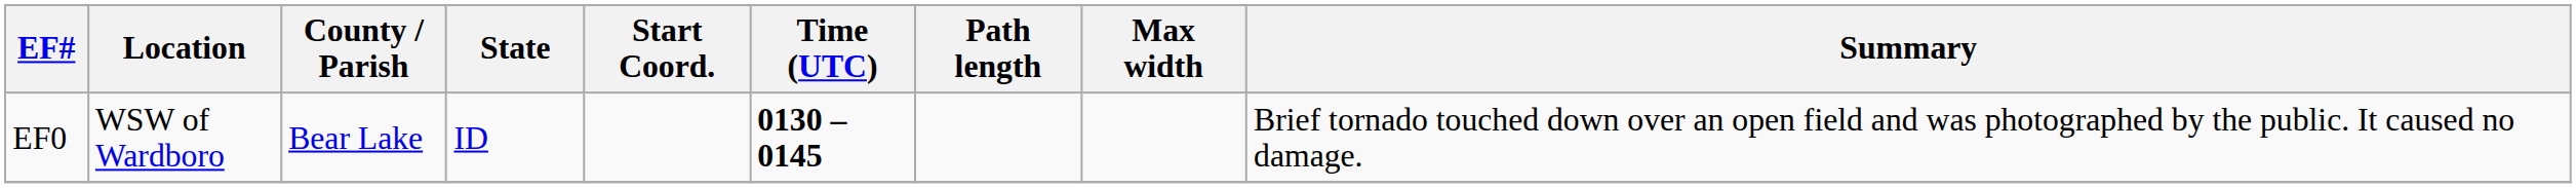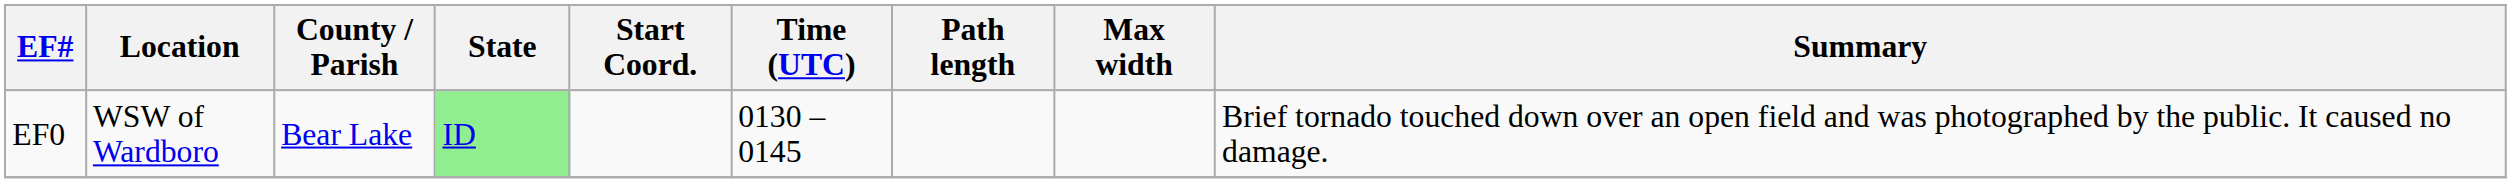 <table class="wikitable sortable" style="width:100%;">
 <tr>
 <th scope="col" width="3%" align="center"><a href='#'>EF#</a></th>
 <th scope="col" width="7%" align="center" class="unsortable">Location</th>
 <th scope="col" width="6%" align="center" class="unsortable">County / Parish</th>
 <th scope="col" width="5%" align="center">State</th>
 <th scope="col" width="6%" align="center">Start Coord.</th>
 <th scope="col" width="6%" align="center">Time (<a href='#'>UTC</a>)</th>
 <th scope="col" width="6%" align="center">Path length</th>
 <th scope="col" width="6%" align="center">Max width</th>
 <th scope="col" width="48%" class="unsortable" align="center">Summary</th>
 </tr>
 <tr>
 <td>EF0</td>
 <td>WSW of <a href='#'>Wardboro</a></td>
 <td><a href='#'>Bear Lake</a></td>
-<td><a href='#'>ID</a></td>
+<td style="background: lightgreen;"><a href='#'>ID</a></td>
 <td></td>
-<td><strong>0130 – 0145</strong></td>
+<td>0130 – 0145</td>
 <td></td>
 <td></td>
 <td>Brief tornado touched down over an open field and was photographed by the public. It caused no damage.</td>
 </tr>
 <tr>
 </tr>
 </table>
